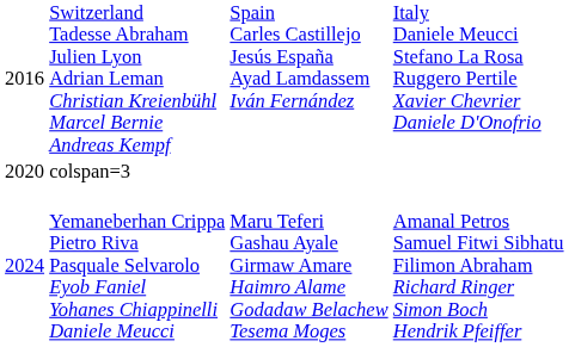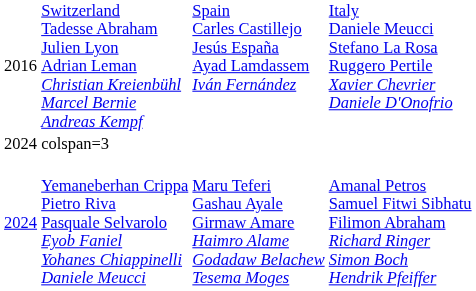 <table>
 <tr>
 <td align=center>2016</td>
 <td valign=top align="left"> <a href='#'>Switzerland</a><br><a href='#'>Tadesse Abraham</a><br><a href='#'>Julien Lyon</a><br><a href='#'>Adrian Leman</a><br><em><a href='#'>Christian Kreienbühl</a></em><br><em><a href='#'>Marcel Bernie</a></em><br><em><a href='#'>Andreas Kempf</a></em></td>
 <td valign=top align="left"> <a href='#'>Spain</a><br><a href='#'>Carles Castillejo</a><br><a href='#'>Jesús España</a><br><a href='#'>Ayad Lamdassem</a><br><em><a href='#'>Iván Fernández</a></em></td>
 <td valign=top align="left"> <a href='#'>Italy</a><br><a href='#'>Daniele Meucci</a><br><a href='#'>Stefano La Rosa</a><br><a href='#'>Ruggero Pertile</a><br><em><a href='#'>Xavier Chevrier</a></em><br><em><a href='#'>Daniele D'Onofrio</a></em></td>
 </tr>
 <tr>
-<td align=center>2020</td>
+<td align=center>2024</td>
 <td>colspan=3 </td>
 </tr>
 <tr>
 <td align=center><a href='#'>2024</a></td>
 <td valign=top align=left><br><a href='#'>Yemaneberhan Crippa</a><br><a href='#'>Pietro Riva</a><br><a href='#'>Pasquale Selvarolo</a><br><em><a href='#'>Eyob Faniel</a><br><a href='#'>Yohanes Chiappinelli</a><br><a href='#'>Daniele Meucci</a><br></em></td>
 <td valign=top align=left><br><a href='#'>Maru Teferi</a><br><a href='#'>Gashau Ayale</a><br><a href='#'>Girmaw Amare</a><em><br><a href='#'>Haimro Alame</a><br><a href='#'>Godadaw Belachew</a><br><a href='#'>Tesema Moges</a></em></td>
 <td valign=top align=left><br><a href='#'>Amanal Petros</a><br><a href='#'>Samuel Fitwi Sibhatu</a><br><a href='#'>Filimon Abraham</a><br><em><a href='#'>Richard Ringer</a><br><a href='#'>Simon Boch</a><br><a href='#'>Hendrik Pfeiffer</a></em></td>
 </tr>
 </table>
